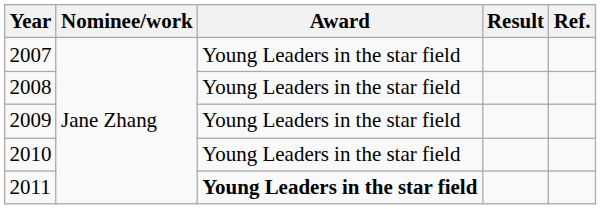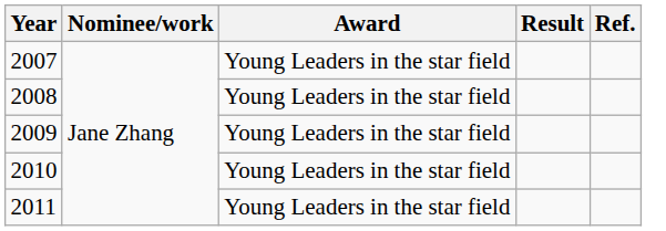 <table class="wikitable">
 <tr>
 <th>Year</th>
 <th>Nominee/work</th>
 <th>Award</th>
 <th><strong>Result</strong></th>
 <th>Ref.</th>
 </tr>
 <tr>
 <td>2007</td>
 <td rowspan="5">Jane Zhang</td>
 <td>Young Leaders in the star field</td>
 <td></td>
 <td></td>
 </tr>
 <tr>
 <td>2008</td>
 <td>Young Leaders in the star field</td>
 <td></td>
 <td></td>
 </tr>
 <tr>
 <td>2009</td>
 <td>Young Leaders in the star field</td>
 <td></td>
 <td></td>
 </tr>
 <tr>
 <td>2010</td>
 <td>Young Leaders in the star field</td>
 <td></td>
 <td></td>
 </tr>
 <tr>
 <td>2011</td>
-<td><strong>Young Leaders in the star field</strong></td>
+<td>Young Leaders in the star field</td>
 <td></td>
 <td></td>
 </tr>
 </table>
